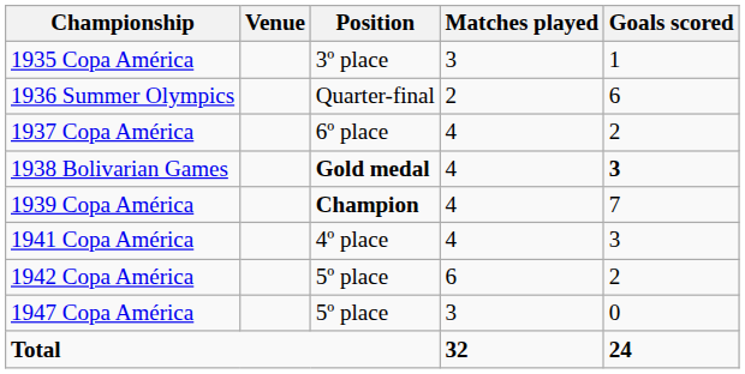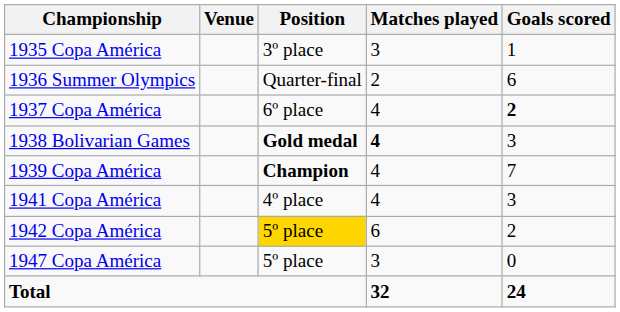 <table class="wikitable">
 <tr>
 <th>Championship</th>
 <th>Venue</th>
 <th>Position</th>
 <th>Matches played</th>
 <th>Goals scored</th>
 </tr>
 <tr>
 <td><a href='#'>1935 Copa América</a></td>
 <td></td>
 <td>3º place</td>
 <td>3</td>
 <td>1</td>
 </tr>
 <tr>
 <td><a href='#'>1936 Summer Olympics</a></td>
 <td></td>
 <td>Quarter-final</td>
 <td>2</td>
 <td>6</td>
 </tr>
 <tr>
 <td><a href='#'>1937 Copa América</a></td>
 <td></td>
 <td>6º place</td>
 <td>4</td>
-<td>2</td>
+<td><strong>2</strong></td>
 </tr>
 <tr>
 <td><a href='#'>1938 Bolivarian Games</a></td>
 <td></td>
 <td><strong>Gold medal</strong></td>
-<td>4</td>
-<td><strong>3</strong></td>
+<td><strong>4</strong></td>
+<td>3</td>
 </tr>
 <tr>
 <td><a href='#'>1939 Copa América</a></td>
 <td></td>
 <td><strong>Champion</strong></td>
 <td>4</td>
 <td>7</td>
 </tr>
 <tr>
 <td><a href='#'>1941 Copa América</a></td>
 <td></td>
 <td>4º place</td>
 <td>4</td>
 <td>3</td>
 </tr>
 <tr>
 <td><a href='#'>1942 Copa América</a></td>
 <td></td>
-<td>5º place</td>
+<td style="background: gold;">5º place</td>
 <td>6</td>
 <td>2</td>
 </tr>
 <tr>
 <td><a href='#'>1947 Copa América</a></td>
 <td></td>
 <td>5º place</td>
 <td>3</td>
 <td>0</td>
 </tr>
 <tr>
 <td colspan=3><strong>Total</strong></td>
 <td><strong>32</strong></td>
 <td><strong>24</strong></td>
 </tr>
 </table>
